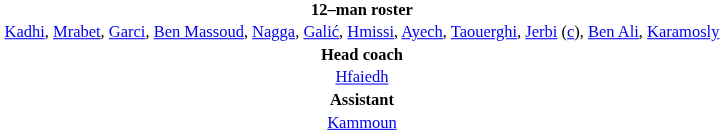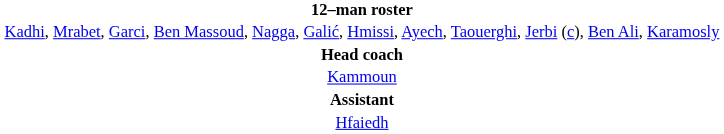 <table style="text-align: center; margin-top: 2em; margin-left: auto; margin-right: auto">
 <tr>
 <td><strong>12–man roster</strong></td>
 </tr>
 <tr>
 <td><a href='#'>Kadhi</a>, <a href='#'>Mrabet</a>, <a href='#'>Garci</a>, <a href='#'>Ben Massoud</a>, <a href='#'>Nagga</a>, <a href='#'>Galić</a>, <a href='#'>Hmissi</a>, <a href='#'>Ayech</a>, <a href='#'>Taouerghi</a>, <a href='#'>Jerbi</a> (<a href='#'>c</a>), <a href='#'>Ben Ali</a>, <a href='#'>Karamosly</a></td>
 </tr>
 <tr>
 <td><strong>Head coach</strong></td>
 </tr>
 <tr>
-<td><a href='#'>Hfaiedh</a></td>
+<td><a href='#'>Kammoun</a></td>
 </tr>
 <tr>
 <td><strong>Assistant</strong></td>
 </tr>
 <tr>
-<td><a href='#'>Kammoun</a></td>
+<td><a href='#'>Hfaiedh</a></td>
 </tr>
 </table>
